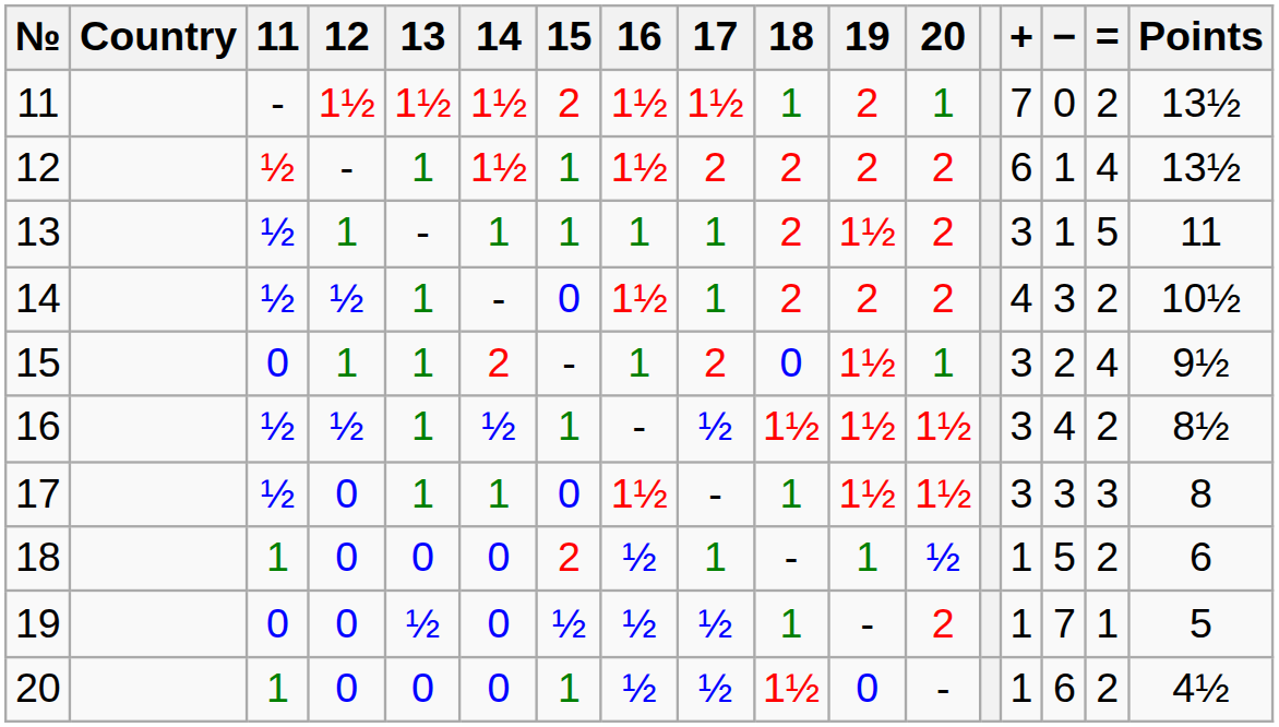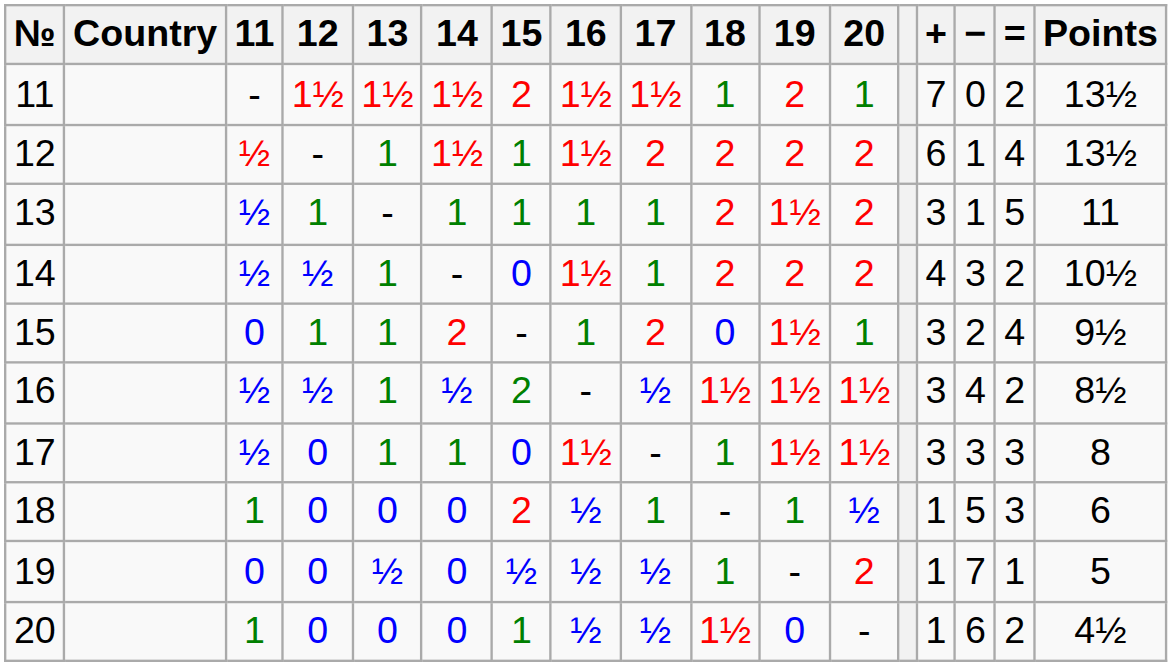 <table class="wikitable" style="text-align:center">
 <tr>
 <th>№</th>
 <th>Country</th>
 <th>11</th>
 <th>12</th>
 <th>13</th>
 <th>14</th>
 <th>15</th>
 <th>16</th>
 <th>17</th>
 <th>18</th>
 <th>19</th>
 <th>20</th>
 <th></th>
 <th>+</th>
 <th>−</th>
 <th>=</th>
 <th>Points</th>
 </tr>
 <tr>
 <td>11</td>
 <td style="text-align: left"></td>
 <td>-</td>
 <td style="color:red;">1½</td>
 <td style="color:red;">1½</td>
 <td style="color:red;">1½</td>
 <td style="color:red;">2</td>
 <td style="color:red;">1½</td>
 <td style="color:red;">1½</td>
 <td style="color:green;">1</td>
 <td style="color:red;">2</td>
 <td style="color:green;">1</td>
 <th></th>
 <td>7</td>
 <td>0</td>
 <td>2</td>
 <td>13½</td>
 </tr>
 <tr>
 <td>12</td>
 <td style="text-align: left"></td>
 <td style="color:red;">½</td>
 <td>-</td>
 <td style="color:green;">1</td>
 <td style="color:red;">1½</td>
 <td style="color:green;">1</td>
 <td style="color:red;">1½</td>
 <td style="color:red;">2</td>
 <td style="color:red;">2</td>
 <td style="color:red;">2</td>
 <td style="color:red;">2</td>
 <th></th>
 <td>6</td>
 <td>1</td>
 <td>4</td>
 <td>13½</td>
 </tr>
 <tr>
 <td>13</td>
 <td style="text-align: left"></td>
 <td style="color:blue;">½</td>
 <td style="color:green;">1</td>
 <td>-</td>
 <td style="color:green;">1</td>
 <td style="color:green;">1</td>
 <td style="color:green;">1</td>
 <td style="color:green;">1</td>
 <td style="color:red;">2</td>
 <td style="color:red;">1½</td>
 <td style="color:red;">2</td>
 <th></th>
 <td>3</td>
 <td>1</td>
 <td>5</td>
 <td>11</td>
 </tr>
 <tr>
 <td>14</td>
 <td style="text-align: left"></td>
 <td style="color:blue;">½</td>
 <td style="color:blue;">½</td>
 <td style="color:green;">1</td>
 <td>-</td>
 <td style="color:blue;">0</td>
 <td style="color:red;">1½</td>
 <td style="color:green;">1</td>
 <td style="color:red;">2</td>
 <td style="color:red;">2</td>
 <td style="color:red;">2</td>
 <th></th>
 <td>4</td>
 <td>3</td>
 <td>2</td>
 <td>10½</td>
 </tr>
 <tr>
 <td>15</td>
 <td style="text-align: left"></td>
 <td style="color:blue;">0</td>
 <td style="color:green;">1</td>
 <td style="color:green;">1</td>
 <td style="color:red;">2</td>
 <td>-</td>
 <td style="color:green;">1</td>
 <td style="color:red;">2</td>
 <td style="color:blue;">0</td>
 <td style="color:red;">1½</td>
 <td style="color:green;">1</td>
 <th></th>
 <td>3</td>
 <td>2</td>
 <td>4</td>
 <td>9½</td>
 </tr>
 <tr>
 <td>16</td>
 <td style="text-align: left"></td>
 <td style="color:blue;">½</td>
 <td style="color:blue;">½</td>
 <td style="color:green;">1</td>
 <td style="color:blue;">½</td>
-<td style="color:green;">1</td>
+<td style="color:green;">2</td>
 <td>-</td>
 <td style="color:blue;">½</td>
 <td style="color:red;">1½</td>
 <td style="color:red;">1½</td>
 <td style="color:red;">1½</td>
 <th></th>
 <td>3</td>
 <td>4</td>
 <td>2</td>
 <td>8½</td>
 </tr>
 <tr>
 <td>17</td>
 <td style="text-align: left"></td>
 <td style="color:blue;">½</td>
 <td style="color:blue;">0</td>
 <td style="color:green;">1</td>
 <td style="color:green;">1</td>
 <td style="color:blue;">0</td>
 <td style="color:red;">1½</td>
 <td>-</td>
 <td style="color:green;">1</td>
 <td style="color:red;">1½</td>
 <td style="color:red;">1½</td>
 <th></th>
 <td>3</td>
 <td>3</td>
 <td>3</td>
 <td>8</td>
 </tr>
 <tr>
 <td>18</td>
 <td style="text-align: left"></td>
 <td style="color:green;">1</td>
 <td style="color:blue;">0</td>
 <td style="color:blue;">0</td>
 <td style="color:blue;">0</td>
 <td style="color:red;">2</td>
 <td style="color:blue;">½</td>
 <td style="color:green;">1</td>
 <td>-</td>
 <td style="color:green;">1</td>
 <td style="color:blue;">½</td>
 <th></th>
 <td>1</td>
 <td>5</td>
-<td>2</td>
+<td>3</td>
 <td>6</td>
 </tr>
 <tr>
 <td>19</td>
 <td style="text-align: left"></td>
 <td style="color:blue;">0</td>
 <td style="color:blue;">0</td>
 <td style="color:blue;">½</td>
 <td style="color:blue;">0</td>
 <td style="color:blue;">½</td>
 <td style="color:blue;">½</td>
 <td style="color:blue;">½</td>
 <td style="color:green;">1</td>
 <td>-</td>
 <td style="color:red;">2</td>
 <th></th>
 <td>1</td>
 <td>7</td>
 <td>1</td>
 <td>5</td>
 </tr>
 <tr>
 <td>20</td>
 <td style="text-align: left"></td>
 <td style="color:green;">1</td>
 <td style="color:blue;">0</td>
 <td style="color:blue;">0</td>
 <td style="color:blue;">0</td>
 <td style="color:green;">1</td>
 <td style="color:blue;">½</td>
 <td style="color:blue;">½</td>
 <td style="color:red;">1½</td>
 <td style="color:blue;">0</td>
 <td>-</td>
 <th></th>
 <td>1</td>
 <td>6</td>
 <td>2</td>
 <td>4½</td>
 </tr>
 </table>
